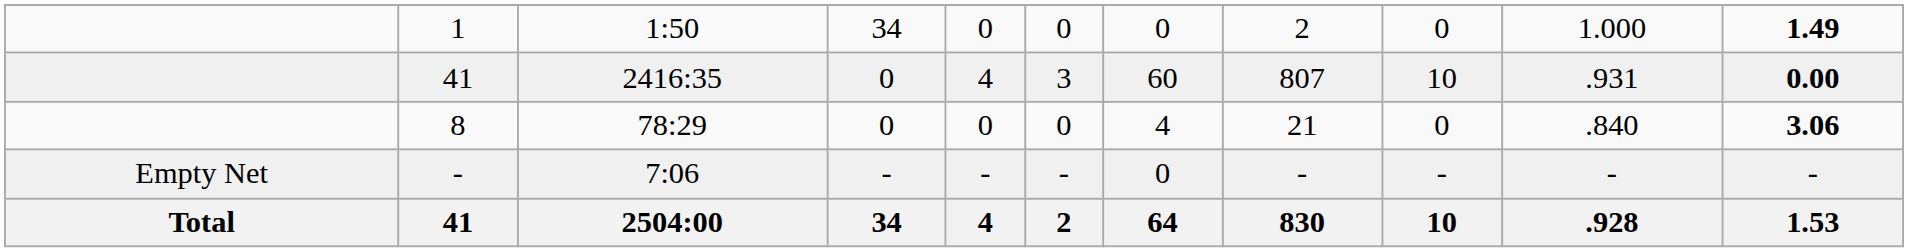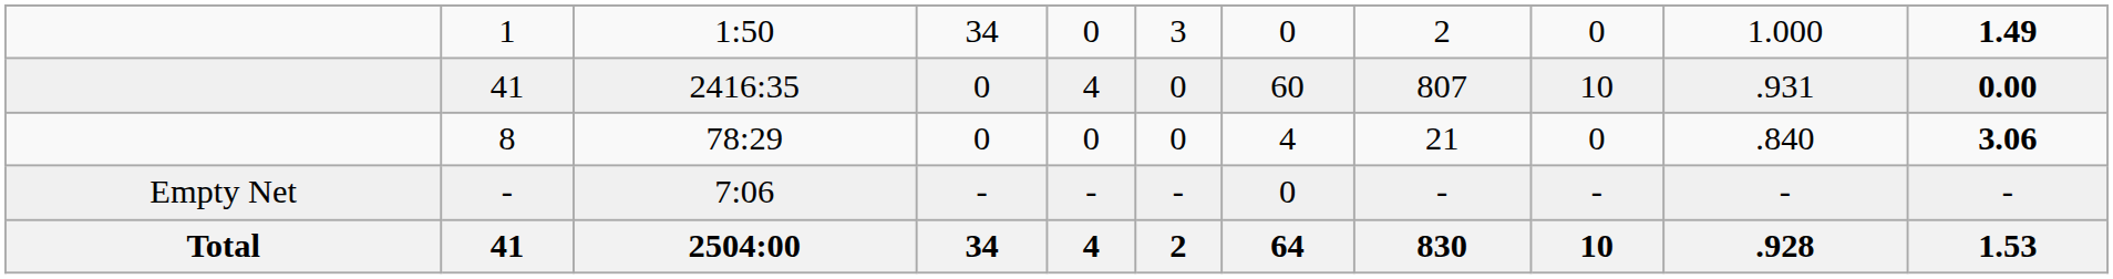 <table class="wikitable sortable" width ="1000">
 <tr align="center">
 </tr>
 <tr align="center" bgcolor="">
 <td></td>
 <td>1</td>
 <td>1:50</td>
 <td>34</td>
 <td>0</td>
-<td>0</td>
+<td>3</td>
 <td>0</td>
 <td>2</td>
 <td>0</td>
 <td>1.000</td>
 <td><strong>1.49</strong></td>
 </tr>
 <tr align="center" bgcolor="f0f0f0">
 <td></td>
 <td>41</td>
 <td>2416:35</td>
 <td>0</td>
 <td>4</td>
-<td>3</td>
+<td>0</td>
 <td>60</td>
 <td>807</td>
 <td>10</td>
 <td>.931</td>
 <td><strong>0.00</strong></td>
 </tr>
 <tr align="center" bgcolor="">
 <td></td>
 <td>8</td>
 <td>78:29</td>
 <td>0</td>
 <td>0</td>
 <td>0</td>
 <td>4</td>
 <td>21</td>
 <td>0</td>
 <td>.840</td>
 <td><strong>3.06</strong></td>
 </tr>
 <tr align="center" bgcolor="f0f0f0">
 <td>Empty Net</td>
 <td>-</td>
 <td>7:06</td>
 <td>-</td>
 <td>-</td>
 <td>-</td>
 <td>0</td>
 <td>-</td>
 <td>-</td>
 <td>-</td>
 <td>-</td>
 </tr>
 <tr>
 <th>Total</th>
 <th>41</th>
 <th>2504:00</th>
 <th>34</th>
 <th>4</th>
 <th>2</th>
 <th>64</th>
 <th>830</th>
 <th>10</th>
 <th>.928</th>
 <th>1.53</th>
 </tr>
 </table>
